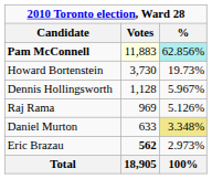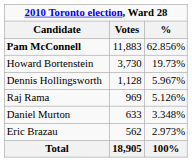 <table class="wikitable">
 <tr>
 <td Colspan="3" align="center"><strong><a href='#'>2010 Toronto election</a>, Ward 28</strong></td>
 </tr>
 <tr>
 <th width="150" bgcolor="#ddddff">Candidate</th>
 <th bgcolor="#ddddff">Votes</th>
 <th bgcolor="#ddddff">%</th>
 </tr>
 <tr>
 <td><strong>Pam McConnell</strong></td>
-<td align=right style="background: lightyellow;">11,883</td>
-<td align=right style="background: paleturquoise;">62.856%</td>
+<td align=right>11,883</td>
+<td align=right>62.856%</td>
 </tr>
 <tr>
 <td>Howard Bortenstein</td>
 <td align=right>3,730</td>
 <td align=right>19.73%</td>
 </tr>
 <tr>
 <td>Dennis Hollingsworth</td>
 <td align=right>1,128</td>
 <td align=right>5.967%</td>
 </tr>
 <tr>
 <td>Raj Rama</td>
 <td align=right>969</td>
 <td align=right>5.126%</td>
 </tr>
 <tr>
 <td>Daniel Murton</td>
 <td align=right>633</td>
-<td align=right style="background: khaki;">3.348%</td>
+<td align=right>3.348%</td>
 </tr>
 <tr>
 <td>Eric Brazau</td>
-<td align=right><strong>562</strong></td>
+<td align=right>562</td>
 <td align=right>2.973%</td>
 </tr>
 <tr>
 <th>Total</th>
 <th align=right>18,905</th>
 <th align=right>100%</th>
 </tr>
 </table>
